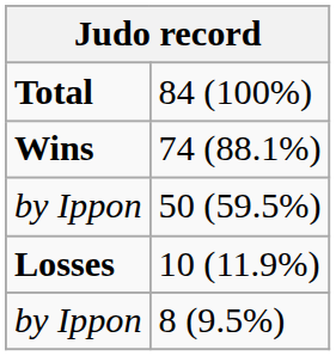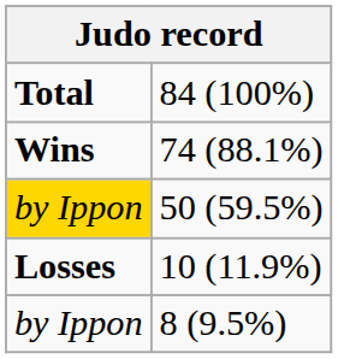 <table class="wikitable">
 <tr>
 <th colspan="2">Judo record</th>
 </tr>
 <tr>
 <td><strong>Total</strong></td>
 <td>84 (100%)</td>
 </tr>
 <tr>
 <td><strong>Wins</strong></td>
 <td>74 (88.1%)</td>
 </tr>
 <tr>
-<td><em>by Ippon</em></td>
+<td style="background: gold;"><em>by Ippon</em></td>
 <td>50 (59.5%)</td>
 </tr>
 <tr>
 <td><strong>Losses</strong></td>
 <td>10 (11.9%)</td>
 </tr>
 <tr>
 <td><em>by Ippon</em></td>
 <td>8 (9.5%)</td>
 </tr>
 </table>
